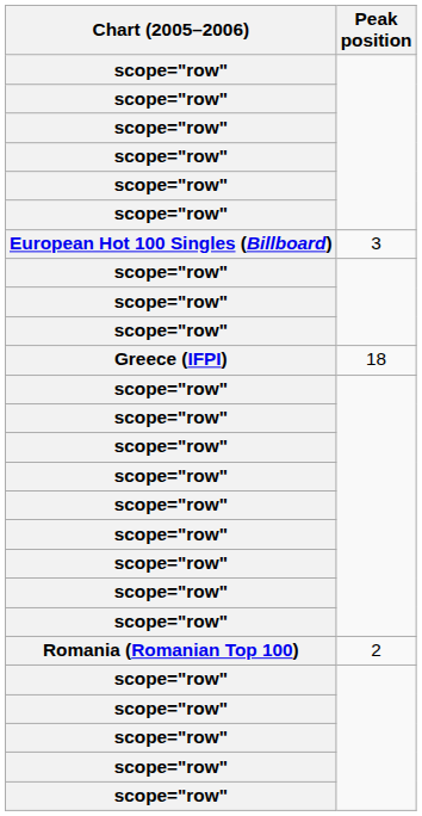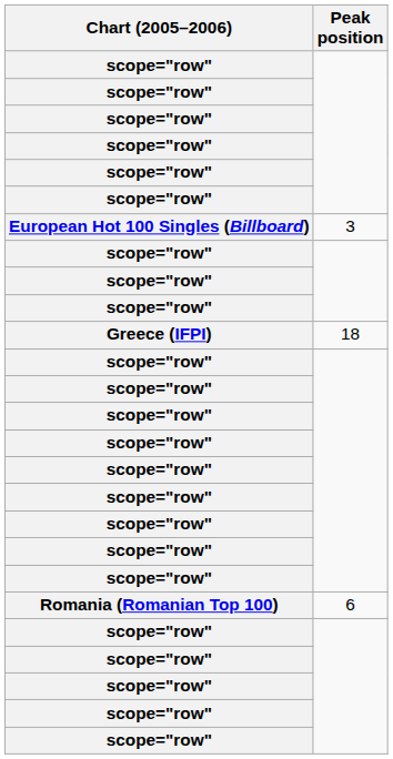 <table class="wikitable sortable plainrowheaders" style="text-align:center">
 <tr>
 <th scope="col">Chart (2005–2006)</th>
 <th scope="col">Peak<br>position</th>
 </tr>
 <tr>
 <th>scope="row"</th>
 </tr>
 <tr>
 <th>scope="row"</th>
 </tr>
 <tr>
 <th>scope="row"</th>
 </tr>
 <tr>
 <th>scope="row"</th>
 </tr>
 <tr>
 <th>scope="row"</th>
 </tr>
 <tr>
 <th>scope="row"</th>
 </tr>
 <tr>
 <th scope="row"><a href='#'>European Hot 100 Singles</a> (<a href='#'><em>Billboard</em></a>)</th>
 <td>3</td>
 </tr>
 <tr>
 <th>scope="row"</th>
 </tr>
 <tr>
 <th>scope="row"</th>
 </tr>
 <tr>
 <th>scope="row"</th>
 </tr>
 <tr>
 <th scope="row">Greece (<a href='#'>IFPI</a>)</th>
 <td>18</td>
 </tr>
 <tr>
 <th>scope="row"</th>
 </tr>
 <tr>
 <th>scope="row"</th>
 </tr>
 <tr>
 <th>scope="row"</th>
 </tr>
 <tr>
 <th>scope="row"</th>
 </tr>
 <tr>
 <th>scope="row"</th>
 </tr>
 <tr>
 <th>scope="row"</th>
 </tr>
 <tr>
 <th>scope="row"</th>
 </tr>
 <tr>
 <th>scope="row"</th>
 </tr>
 <tr>
 <th>scope="row"</th>
 </tr>
 <tr>
 <th scope="row">Romania (<a href='#'>Romanian Top 100</a>)</th>
-<td>2</td>
+<td>6</td>
 </tr>
 <tr>
 <th>scope="row"</th>
 </tr>
 <tr>
 <th>scope="row"</th>
 </tr>
 <tr>
 <th>scope="row"</th>
 </tr>
 <tr>
 <th>scope="row"</th>
 </tr>
 <tr>
 <th>scope="row"</th>
 </tr>
 </table>
